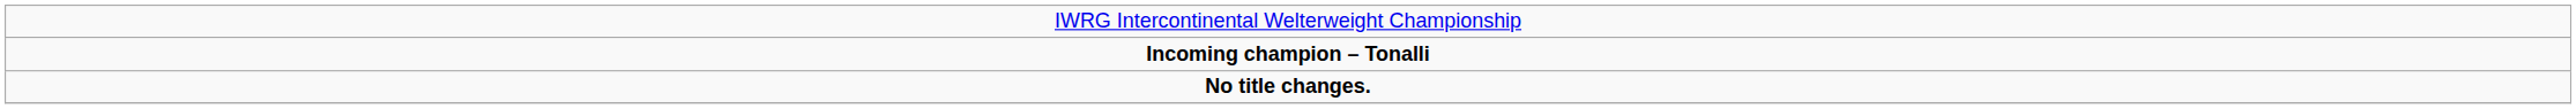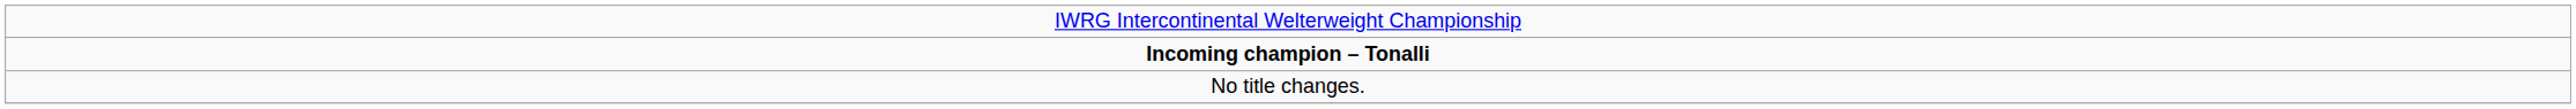 <table class="wikitable" style="text-align:center; width:100%;">
 <tr>
 <td colspan="5" style="text-align: center;"><a href='#'>IWRG Intercontinental Welterweight Championship</a></td>
 </tr>
 <tr>
 <td colspan="5" style="text-align: center;"><strong>Incoming champion – Tonalli</strong></td>
 </tr>
 <tr>
-<td><strong>No title changes.</strong></td>
+<td>No title changes.</td>
 </tr>
 <tr>
 </tr>
 </table>
